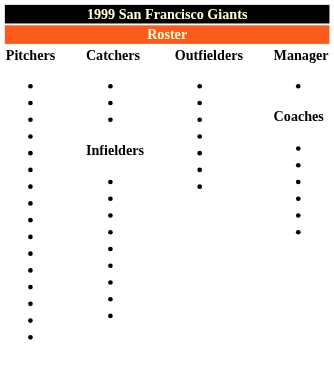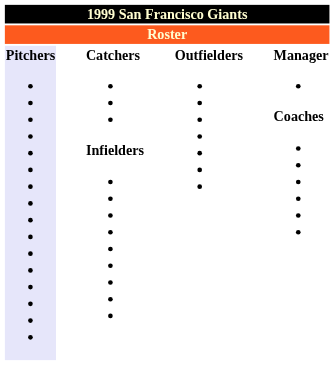 <table class="toccolours" style="font-size: 95%;">
 <tr>
 <th colspan="10" style="background-color: black; color: #FFFDD0; text-align: center;">1999 San Francisco Giants</th>
 </tr>
 <tr>
 <td colspan="10" style="background-color: #fd5a1e; color: #FFFDD0; text-align: center;"><strong>Roster</strong></td>
 </tr>
 <tr>
-<td valign="top"><strong>Pitchers</strong><br><ul><li></li><li></li><li></li><li></li><li></li><li></li><li></li><li></li><li></li><li></li><li></li><li></li><li></li><li></li><li></li><li></li></ul></td>
+<td valign="top" style="background: lavender;"><strong>Pitchers</strong><br><ul><li></li><li></li><li></li><li></li><li></li><li></li><li></li><li></li><li></li><li></li><li></li><li></li><li></li><li></li><li></li><li></li></ul></td>
 <td width="25px"></td>
 <td valign="top"><strong>Catchers</strong><br><ul><li></li><li></li><li></li></ul><strong>Infielders</strong><ul><li></li><li></li><li></li><li></li><li></li><li></li><li></li><li></li><li></li></ul></td>
 <td width="25px"></td>
 <td valign="top"><strong>Outfielders</strong><br><ul><li></li><li></li><li></li><li></li><li></li><li></li><li></li></ul></td>
 <td width="25px"></td>
 <td valign="top"><strong>Manager</strong><br><ul><li></li></ul><strong>Coaches</strong><ul><li></li><li></li><li></li><li></li><li></li><li></li></ul></td>
 </tr>
 <tr>
 </tr>
 </table>
